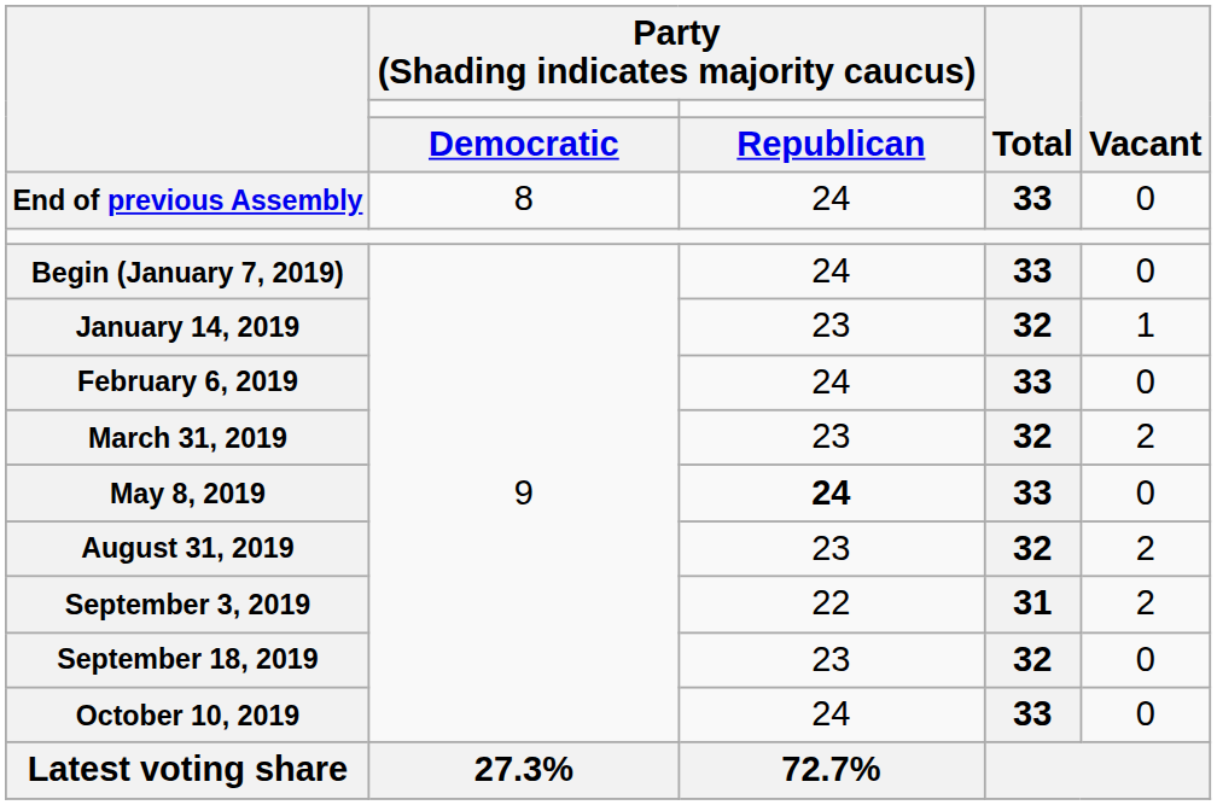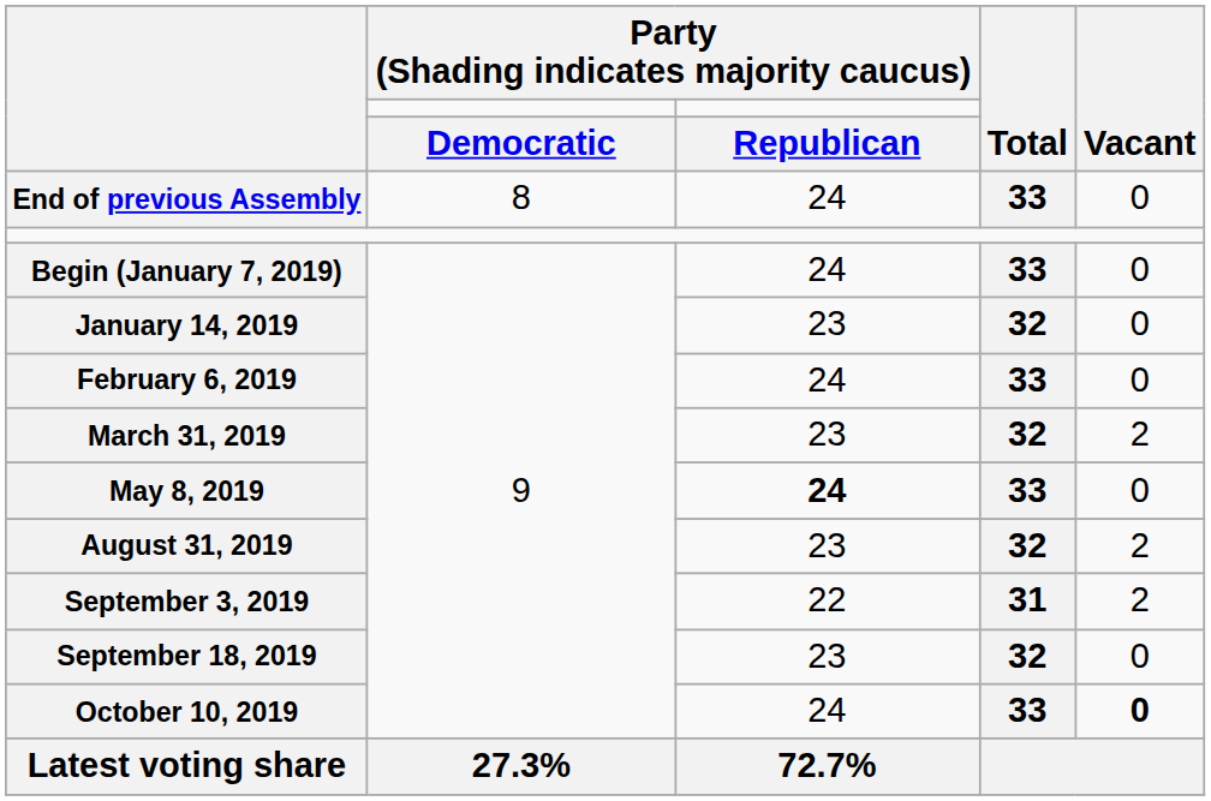 <table class=wikitable style="text-align:center">
 <tr style="vertical-align:bottom;">
 <th rowspan=3></th>
 <th colspan="2">Party <div>(Shading indicates majority caucus)</div></th>
 <th rowspan=3>Total</th>
 <th rowspan=3>Vacant</th>
 </tr>
 <tr style="height:5px">
 <td style="background-color:"></td>
 <td style="background-color:"></td>
 </tr>
 <tr>
 <th><a href='#'>Democratic</a></th>
 <th><a href='#'>Republican</a></th>
 </tr>
 <tr>
 <th nowrap style="font-size:80%">End of <a href='#'>previous Assembly</a></th>
 <td>8</td>
 <td>24</td>
 <th>33</th>
 <td>0</td>
 </tr>
 <tr>
 <td colspan=5></td>
 </tr>
 <tr>
 <th nowrap style="font-size:80%">Begin (January 7, 2019)</th>
 <td rowspan="9">9</td>
 <td>24</td>
 <th>33</th>
 <td>0</td>
 </tr>
 <tr>
 <th nowrap style="font-size:80%">January 14, 2019</th>
 <td>23</td>
 <th>32</th>
-<td>1</td>
+<td>0</td>
 </tr>
 <tr>
 <th nowrap style="font-size:80%">February 6, 2019</th>
 <td>24</td>
 <th>33</th>
 <td>0</td>
 </tr>
 <tr>
 <th nowrap style="font-size:80%">March 31, 2019</th>
 <td>23</td>
 <th>32</th>
 <td>2</td>
 </tr>
 <tr>
 <th nowrap style="font-size:80%">May 8, 2019</th>
 <td><strong>24</strong></td>
 <th>33</th>
 <td>0</td>
 </tr>
 <tr>
 <th nowrap style="font-size:80%">August 31, 2019</th>
 <td>23</td>
 <th>32</th>
 <td>2</td>
 </tr>
 <tr>
 <th nowrap="" style="font-size:80%">September 3, 2019</th>
 <td>22</td>
 <th>31</th>
 <td>2</td>
 </tr>
 <tr>
 <th nowrap="" style="font-size:80%">September 18, 2019</th>
 <td>23</td>
 <th>32</th>
 <td>0</td>
 </tr>
 <tr>
 <th nowrap="" style="font-size:80%">October 10, 2019</th>
 <td>24</td>
 <th>33</th>
-<td>0</td>
+<td><strong>0</strong></td>
 </tr>
 <tr>
 <th>Latest voting share</th>
 <th>27.3%</th>
 <th>72.7%</th>
 <th colspan="2"></th>
 </tr>
 </table>
